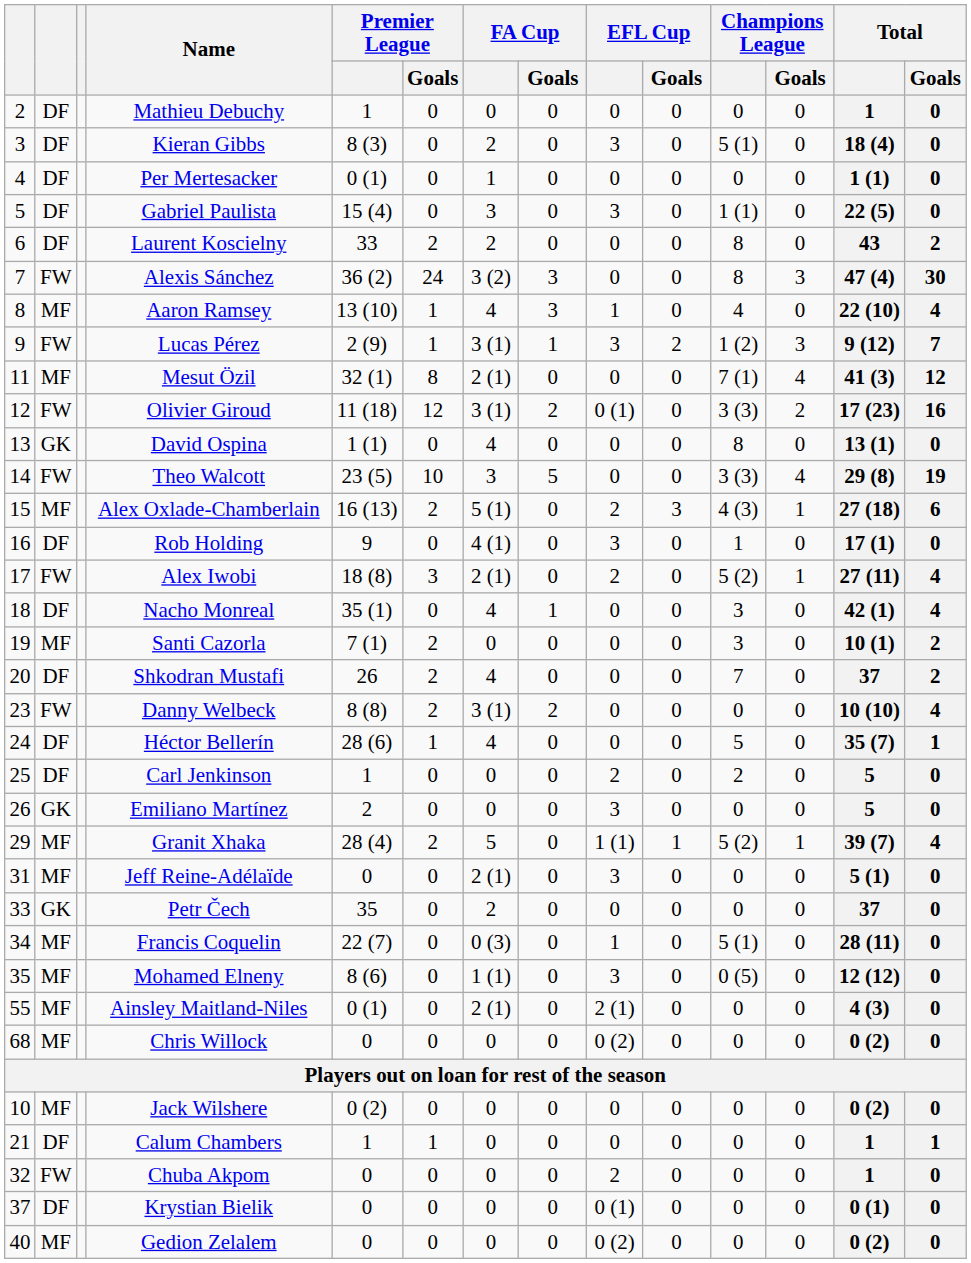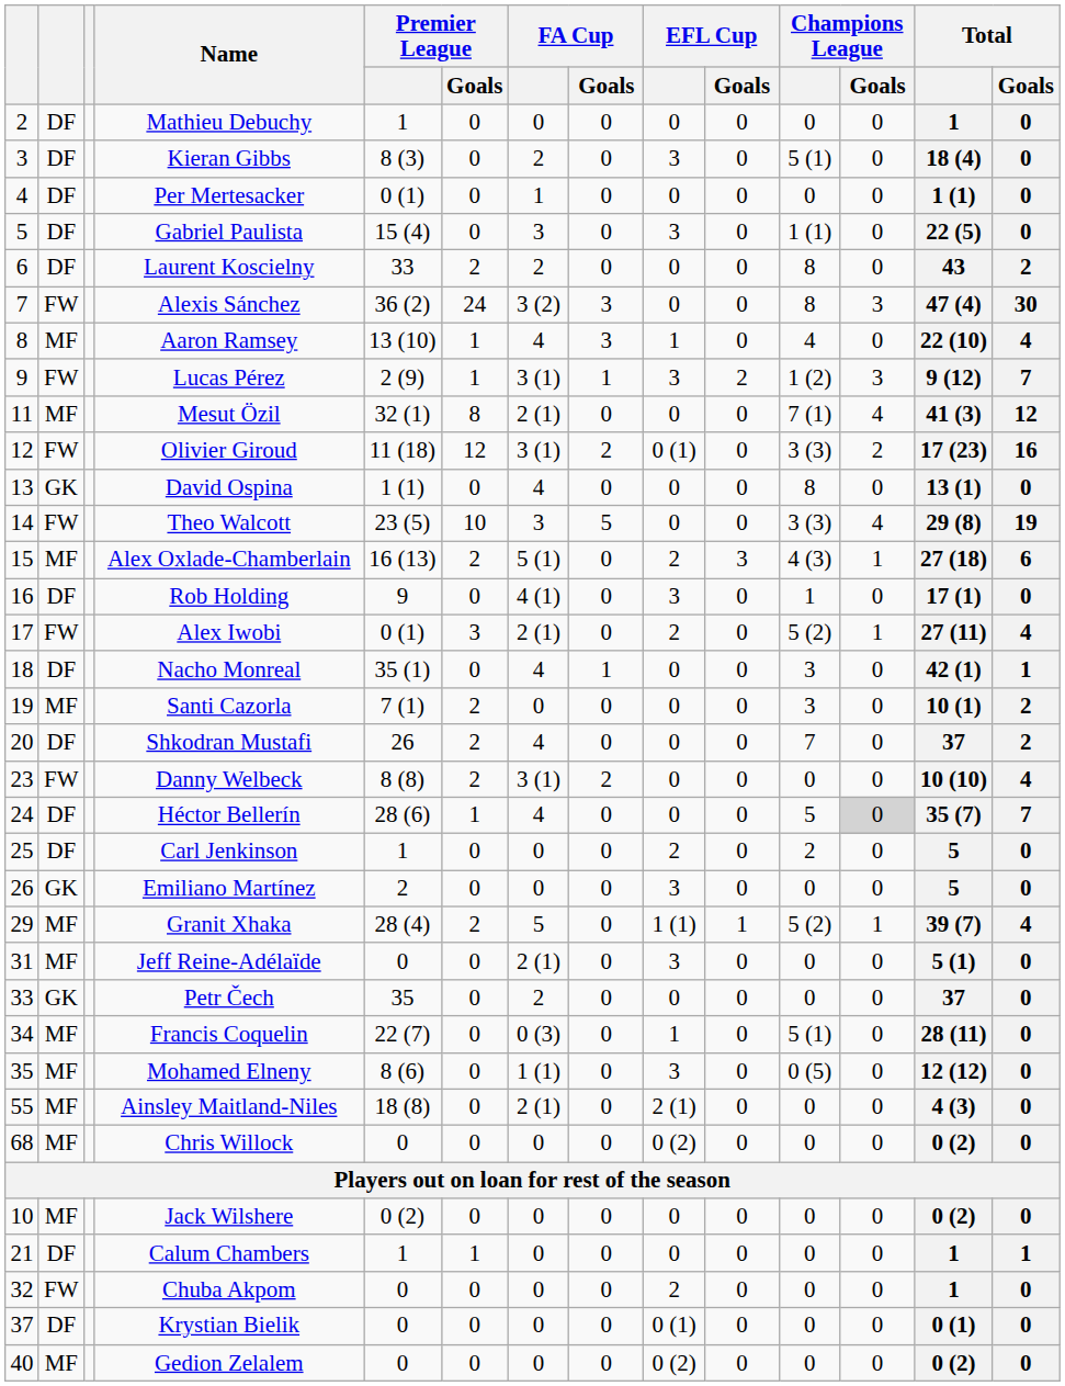 <table class="wikitable sortable" style="text-align:center">
 <tr>
 <th rowspan="2"></th>
 <th rowspan="2"></th>
 <th rowspan="2"></th>
 <th rowspan="2" style="width:180px;">Name</th>
 <th colspan="2" style="width:87px;"><a href='#'>Premier League</a></th>
 <th colspan="2" style="width:87px;"><a href='#'>FA Cup</a></th>
 <th colspan="2" style="width:87px;"><a href='#'>EFL Cup</a></th>
 <th colspan="2" style="width:87px;"><a href='#'>Champions League</a></th>
 <th colspan="2" style="width:87px;">Total</th>
 </tr>
 <tr>
 <th></th>
 <th>Goals</th>
 <th></th>
 <th>Goals</th>
 <th></th>
 <th>Goals</th>
 <th></th>
 <th>Goals</th>
 <th></th>
 <th>Goals</th>
 </tr>
 <tr>
 <td>2</td>
 <td>DF</td>
 <td></td>
 <td scope="row"><a href='#'>Mathieu Debuchy</a><br></td>
 <td>1</td>
 <td>0<br></td>
 <td>0</td>
 <td>0<br></td>
 <td>0</td>
 <td>0<br></td>
 <td>0</td>
 <td>0<br></td>
 <th>1</th>
 <th>0</th>
 </tr>
 <tr>
 <td>3</td>
 <td>DF</td>
 <td></td>
 <td scope="row"><a href='#'>Kieran Gibbs</a><br></td>
 <td>8 (3)</td>
 <td>0<br></td>
 <td>2</td>
 <td>0<br></td>
 <td>3</td>
 <td>0<br></td>
 <td>5 (1)</td>
 <td>0<br></td>
 <th>18 (4)</th>
 <th>0</th>
 </tr>
 <tr>
 <td>4</td>
 <td>DF</td>
 <td></td>
 <td scope="row"><a href='#'>Per Mertesacker</a><br></td>
 <td>0 (1)</td>
 <td>0<br></td>
 <td>1</td>
 <td>0<br></td>
 <td>0</td>
 <td>0<br></td>
 <td>0</td>
 <td>0<br></td>
 <th>1 (1)</th>
 <th>0</th>
 </tr>
 <tr>
 <td>5</td>
 <td>DF</td>
 <td></td>
 <td scope="row"><a href='#'>Gabriel Paulista</a><br></td>
 <td>15 (4)</td>
 <td>0<br></td>
 <td>3</td>
 <td>0<br></td>
 <td>3</td>
 <td>0<br></td>
 <td>1 (1)</td>
 <td>0<br></td>
 <th>22 (5)</th>
 <th>0</th>
 </tr>
 <tr>
 <td>6</td>
 <td>DF</td>
 <td></td>
 <td scope="row"><a href='#'>Laurent Koscielny</a><br></td>
 <td>33</td>
 <td>2<br></td>
 <td>2</td>
 <td>0<br></td>
 <td>0</td>
 <td>0<br></td>
 <td>8</td>
 <td>0<br></td>
 <th>43</th>
 <th>2</th>
 </tr>
 <tr>
 <td>7</td>
 <td>FW</td>
 <td></td>
 <td scope="row"><a href='#'>Alexis Sánchez</a><br></td>
 <td>36 (2)</td>
 <td>24<br></td>
 <td>3 (2)</td>
 <td>3<br></td>
 <td>0</td>
 <td>0<br></td>
 <td>8</td>
 <td>3<br></td>
 <th>47 (4)</th>
 <th>30</th>
 </tr>
 <tr>
 <td>8</td>
 <td>MF</td>
 <td></td>
 <td scope="row"><a href='#'>Aaron Ramsey</a><br></td>
 <td>13 (10)</td>
 <td>1<br></td>
 <td>4</td>
 <td>3<br></td>
 <td>1</td>
 <td>0<br></td>
 <td>4</td>
 <td>0<br></td>
 <th>22 (10)</th>
 <th>4</th>
 </tr>
 <tr>
 <td>9</td>
 <td>FW</td>
 <td></td>
 <td scope="row"><a href='#'>Lucas Pérez</a><br></td>
 <td>2 (9)</td>
 <td>1<br></td>
 <td>3 (1)</td>
 <td>1<br></td>
 <td>3</td>
 <td>2<br></td>
 <td>1 (2)</td>
 <td>3<br></td>
 <th>9 (12)</th>
 <th>7</th>
 </tr>
 <tr>
 <td>11</td>
 <td>MF</td>
 <td></td>
 <td scope="row"><a href='#'>Mesut Özil</a><br></td>
 <td>32 (1)</td>
 <td>8<br></td>
 <td>2 (1)</td>
 <td>0<br></td>
 <td>0</td>
 <td>0<br></td>
 <td>7 (1)</td>
 <td>4<br></td>
 <th>41 (3)</th>
 <th>12</th>
 </tr>
 <tr>
 <td>12</td>
 <td>FW</td>
 <td></td>
 <td scope="row"><a href='#'>Olivier Giroud</a><br></td>
 <td>11 (18)</td>
 <td>12<br></td>
 <td>3 (1)</td>
 <td>2<br></td>
 <td>0 (1)</td>
 <td>0<br></td>
 <td>3 (3)</td>
 <td>2<br></td>
 <th>17 (23)</th>
 <th>16</th>
 </tr>
 <tr>
 <td>13</td>
 <td>GK</td>
 <td></td>
 <td scope="row"><a href='#'>David Ospina</a><br></td>
 <td>1 (1)</td>
 <td>0<br></td>
 <td>4</td>
 <td>0<br></td>
 <td>0</td>
 <td>0<br></td>
 <td>8</td>
 <td>0<br></td>
 <th>13 (1)</th>
 <th>0</th>
 </tr>
 <tr>
 <td>14</td>
 <td>FW</td>
 <td></td>
 <td scope="row"><a href='#'>Theo Walcott</a><br></td>
 <td>23 (5)</td>
 <td>10<br></td>
 <td>3</td>
 <td>5<br></td>
 <td>0</td>
 <td>0<br></td>
 <td>3 (3)</td>
 <td>4<br></td>
 <th>29 (8)</th>
 <th>19</th>
 </tr>
 <tr>
 <td>15</td>
 <td>MF</td>
 <td></td>
 <td scope="row"><a href='#'>Alex Oxlade-Chamberlain</a><br></td>
 <td>16 (13)</td>
 <td>2<br></td>
 <td>5 (1)</td>
 <td>0<br></td>
 <td>2</td>
 <td>3<br></td>
 <td>4 (3)</td>
 <td>1<br></td>
 <th>27 (18)</th>
 <th>6</th>
 </tr>
 <tr>
 <td>16</td>
 <td>DF</td>
 <td></td>
 <td scope="row"><a href='#'>Rob Holding</a><br></td>
 <td>9</td>
 <td>0<br></td>
 <td>4 (1)</td>
 <td>0<br></td>
 <td>3</td>
 <td>0<br></td>
 <td>1</td>
 <td>0<br></td>
 <th>17 (1)</th>
 <th>0</th>
 </tr>
 <tr>
 <td>17</td>
 <td>FW</td>
 <td></td>
 <td scope="row"><a href='#'>Alex Iwobi</a><br></td>
-<td>18 (8)</td>
+<td>0 (1)</td>
 <td>3<br></td>
 <td>2 (1)</td>
 <td>0<br></td>
 <td>2</td>
 <td>0<br></td>
 <td>5 (2)</td>
 <td>1<br></td>
 <th>27 (11)</th>
 <th>4</th>
 </tr>
 <tr>
 <td>18</td>
 <td>DF</td>
 <td></td>
 <td scope="row"><a href='#'>Nacho Monreal</a><br></td>
 <td>35 (1)</td>
 <td>0<br></td>
 <td>4</td>
 <td>1<br></td>
 <td>0</td>
 <td>0<br></td>
 <td>3</td>
 <td>0<br></td>
 <th>42 (1)</th>
-<th>4</th>
+<th>1</th>
 </tr>
 <tr>
 <td>19</td>
 <td>MF</td>
 <td></td>
 <td scope="row"><a href='#'>Santi Cazorla</a><br></td>
 <td>7 (1)</td>
 <td>2<br></td>
 <td>0</td>
 <td>0<br></td>
 <td>0</td>
 <td>0<br></td>
 <td>3</td>
 <td>0<br></td>
 <th>10 (1)</th>
 <th>2</th>
 </tr>
 <tr>
 <td>20</td>
 <td>DF</td>
 <td></td>
 <td scope="row"><a href='#'>Shkodran Mustafi</a><br></td>
 <td>26</td>
 <td>2<br></td>
 <td>4</td>
 <td>0<br></td>
 <td>0</td>
 <td>0<br></td>
 <td>7</td>
 <td>0<br></td>
 <th>37</th>
 <th>2</th>
 </tr>
 <tr>
 <td>23</td>
 <td>FW</td>
 <td></td>
 <td scope="row"><a href='#'>Danny Welbeck</a><br></td>
 <td>8 (8)</td>
 <td>2<br></td>
 <td>3 (1)</td>
 <td>2<br></td>
 <td>0</td>
 <td>0<br></td>
 <td>0</td>
 <td>0<br></td>
 <th>10 (10)</th>
 <th>4</th>
 </tr>
 <tr>
 <td>24</td>
 <td>DF</td>
 <td></td>
 <td scope="row"><a href='#'>Héctor Bellerín</a><br></td>
 <td>28 (6)</td>
 <td>1<br></td>
 <td>4</td>
 <td>0<br></td>
 <td>0</td>
 <td>0<br></td>
 <td>5</td>
-<td>0<br></td>
+<td style="background: lightgrey;">0<br></td>
 <th>35 (7)</th>
-<th>1</th>
+<th>7</th>
 </tr>
 <tr>
 <td>25</td>
 <td>DF</td>
 <td></td>
 <td scope="row"><a href='#'>Carl Jenkinson</a><br></td>
 <td>1</td>
 <td>0<br></td>
 <td>0</td>
 <td>0<br></td>
 <td>2</td>
 <td>0<br></td>
 <td>2</td>
 <td>0<br></td>
 <th>5</th>
 <th>0</th>
 </tr>
 <tr>
 <td>26</td>
 <td>GK</td>
 <td></td>
 <td scope="row"><a href='#'>Emiliano Martínez</a><br></td>
 <td>2</td>
 <td>0<br></td>
 <td>0</td>
 <td>0<br></td>
 <td>3</td>
 <td>0<br></td>
 <td>0</td>
 <td>0<br></td>
 <th>5</th>
 <th>0</th>
 </tr>
 <tr>
 <td>29</td>
 <td>MF</td>
 <td></td>
 <td scope="row"><a href='#'>Granit Xhaka</a><br></td>
 <td>28 (4)</td>
 <td>2<br></td>
 <td>5</td>
 <td>0<br></td>
 <td>1 (1)</td>
 <td>1<br></td>
 <td>5 (2)</td>
 <td>1<br></td>
 <th>39 (7)</th>
 <th>4</th>
 </tr>
 <tr>
 <td>31</td>
 <td>MF</td>
 <td></td>
 <td scope="row"><a href='#'>Jeff Reine-Adélaïde</a><br></td>
 <td>0</td>
 <td>0<br></td>
 <td>2 (1)</td>
 <td>0<br></td>
 <td>3</td>
 <td>0<br></td>
 <td>0</td>
 <td>0<br></td>
 <th>5 (1)</th>
 <th>0</th>
 </tr>
 <tr>
 <td>33</td>
 <td>GK</td>
 <td></td>
 <td scope="row"><a href='#'>Petr Čech</a><br></td>
 <td>35</td>
 <td>0<br></td>
 <td>2</td>
 <td>0<br></td>
 <td>0</td>
 <td>0<br></td>
 <td>0</td>
 <td>0<br></td>
 <th>37</th>
 <th>0</th>
 </tr>
 <tr>
 <td>34</td>
 <td>MF</td>
 <td></td>
 <td scope="row"><a href='#'>Francis Coquelin</a><br></td>
 <td>22 (7)</td>
 <td>0<br></td>
 <td>0 (3)</td>
 <td>0<br></td>
 <td>1</td>
 <td>0<br></td>
 <td>5 (1)</td>
 <td>0<br></td>
 <th>28 (11)</th>
 <th>0</th>
 </tr>
 <tr>
 <td>35</td>
 <td>MF</td>
 <td></td>
 <td scope="row"><a href='#'>Mohamed Elneny</a><br></td>
 <td>8 (6)</td>
 <td>0<br></td>
 <td>1 (1)</td>
 <td>0<br></td>
 <td>3</td>
 <td>0<br></td>
 <td>0 (5)</td>
 <td>0<br></td>
 <th>12 (12)</th>
 <th>0<br>    </th>
 </tr>
 <tr>
 <td>55</td>
 <td>MF</td>
 <td></td>
 <td scope="row"><a href='#'>Ainsley Maitland-Niles</a><br></td>
-<td>0 (1)</td>
+<td>18 (8)</td>
 <td>0<br></td>
 <td>2 (1)</td>
 <td>0<br></td>
 <td>2 (1)</td>
 <td>0<br></td>
 <td>0</td>
 <td>0<br></td>
 <th>4 (3)</th>
 <th>0</th>
 </tr>
 <tr>
 <td>68</td>
 <td>MF</td>
 <td></td>
 <td scope="row"><a href='#'>Chris Willock</a><br></td>
 <td>0</td>
 <td>0<br></td>
 <td>0</td>
 <td>0<br></td>
 <td>0 (2)</td>
 <td>0<br></td>
 <td>0</td>
 <td>0<br></td>
 <th>0 (2)</th>
 <th>0</th>
 </tr>
 <tr>
 <th colspan="14">Players out on loan for rest of the season</th>
 </tr>
 <tr>
 <td>10</td>
 <td>MF</td>
 <td></td>
 <td scope="row"><a href='#'>Jack Wilshere</a><br></td>
 <td>0 (2)</td>
 <td>0<br></td>
 <td>0</td>
 <td>0<br></td>
 <td>0</td>
 <td>0<br></td>
 <td>0</td>
 <td>0<br></td>
 <th>0 (2)</th>
 <th>0</th>
 </tr>
 <tr>
 <td>21</td>
 <td>DF</td>
 <td></td>
 <td scope="row"><a href='#'>Calum Chambers</a><br></td>
 <td>1</td>
 <td>1<br></td>
 <td>0</td>
 <td>0<br></td>
 <td>0</td>
 <td>0<br></td>
 <td>0</td>
 <td>0<br></td>
 <th>1</th>
 <th>1</th>
 </tr>
 <tr>
 <td>32</td>
 <td>FW</td>
 <td></td>
 <td scope="row"><a href='#'>Chuba Akpom</a><br></td>
 <td>0</td>
 <td>0<br></td>
 <td>0</td>
 <td>0<br></td>
 <td>2</td>
 <td>0<br></td>
 <td>0</td>
 <td>0<br></td>
 <th>1</th>
 <th>0</th>
 </tr>
 <tr>
 <td>37</td>
 <td>DF</td>
 <td></td>
 <td scope="row"><a href='#'>Krystian Bielik</a></td>
 <td>0</td>
 <td>0</td>
 <td>0</td>
 <td>0</td>
 <td>0 (1)</td>
 <td>0</td>
 <td>0</td>
 <td>0</td>
 <th>0 (1)</th>
 <th>0</th>
 </tr>
 <tr>
 <td>40</td>
 <td>MF</td>
 <td></td>
 <td scope="row"><a href='#'>Gedion Zelalem</a><br></td>
 <td>0</td>
 <td>0<br></td>
 <td>0</td>
 <td>0<br></td>
 <td>0 (2)</td>
 <td>0<br></td>
 <td>0</td>
 <td>0<br></td>
 <th>0 (2)</th>
 <th>0</th>
 </tr>
 </table>
